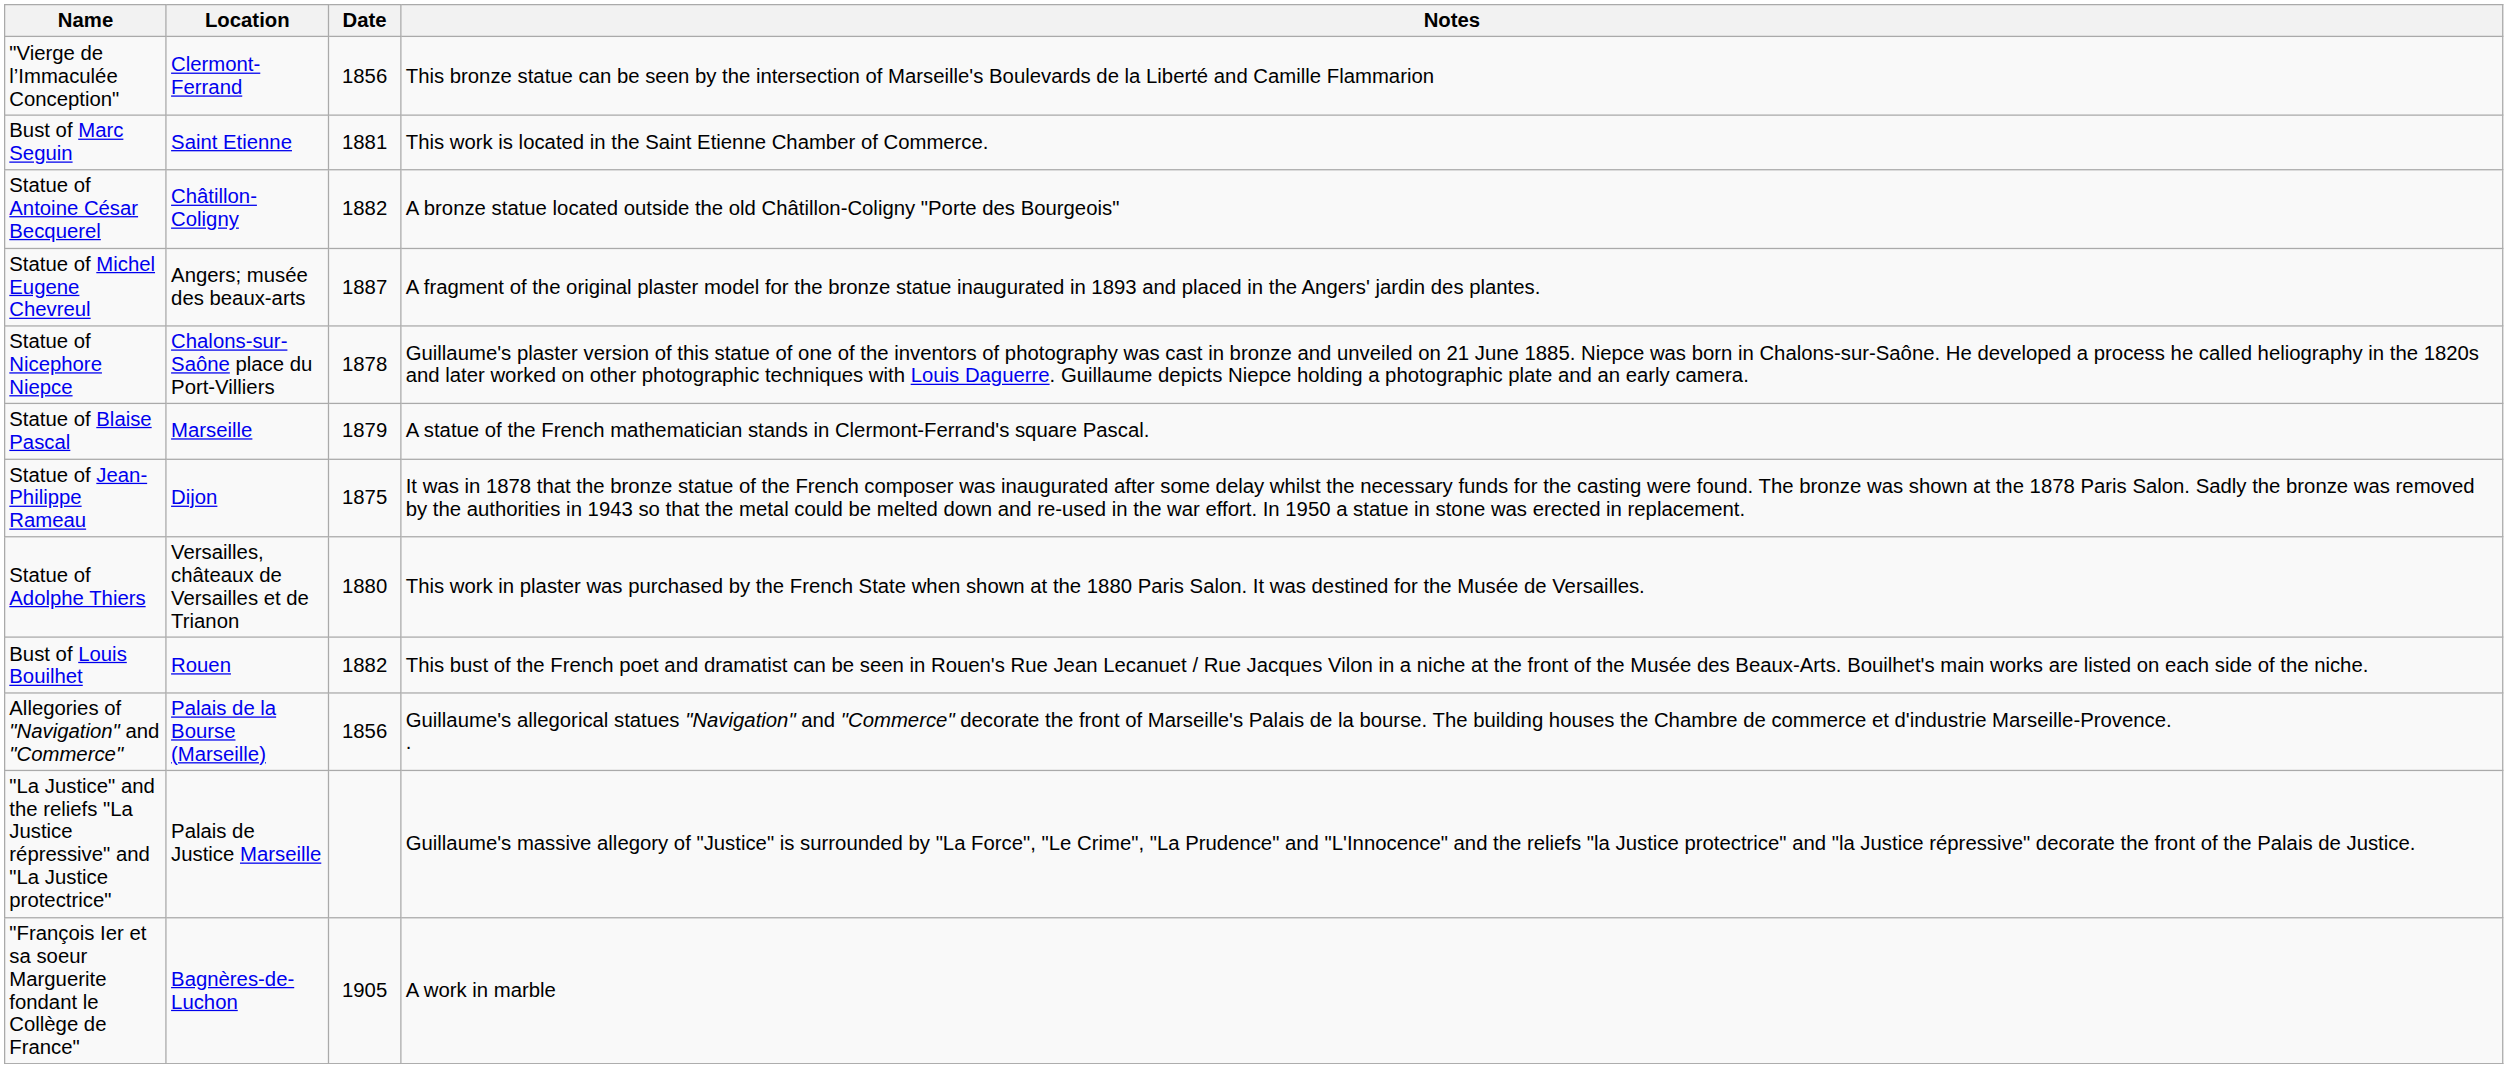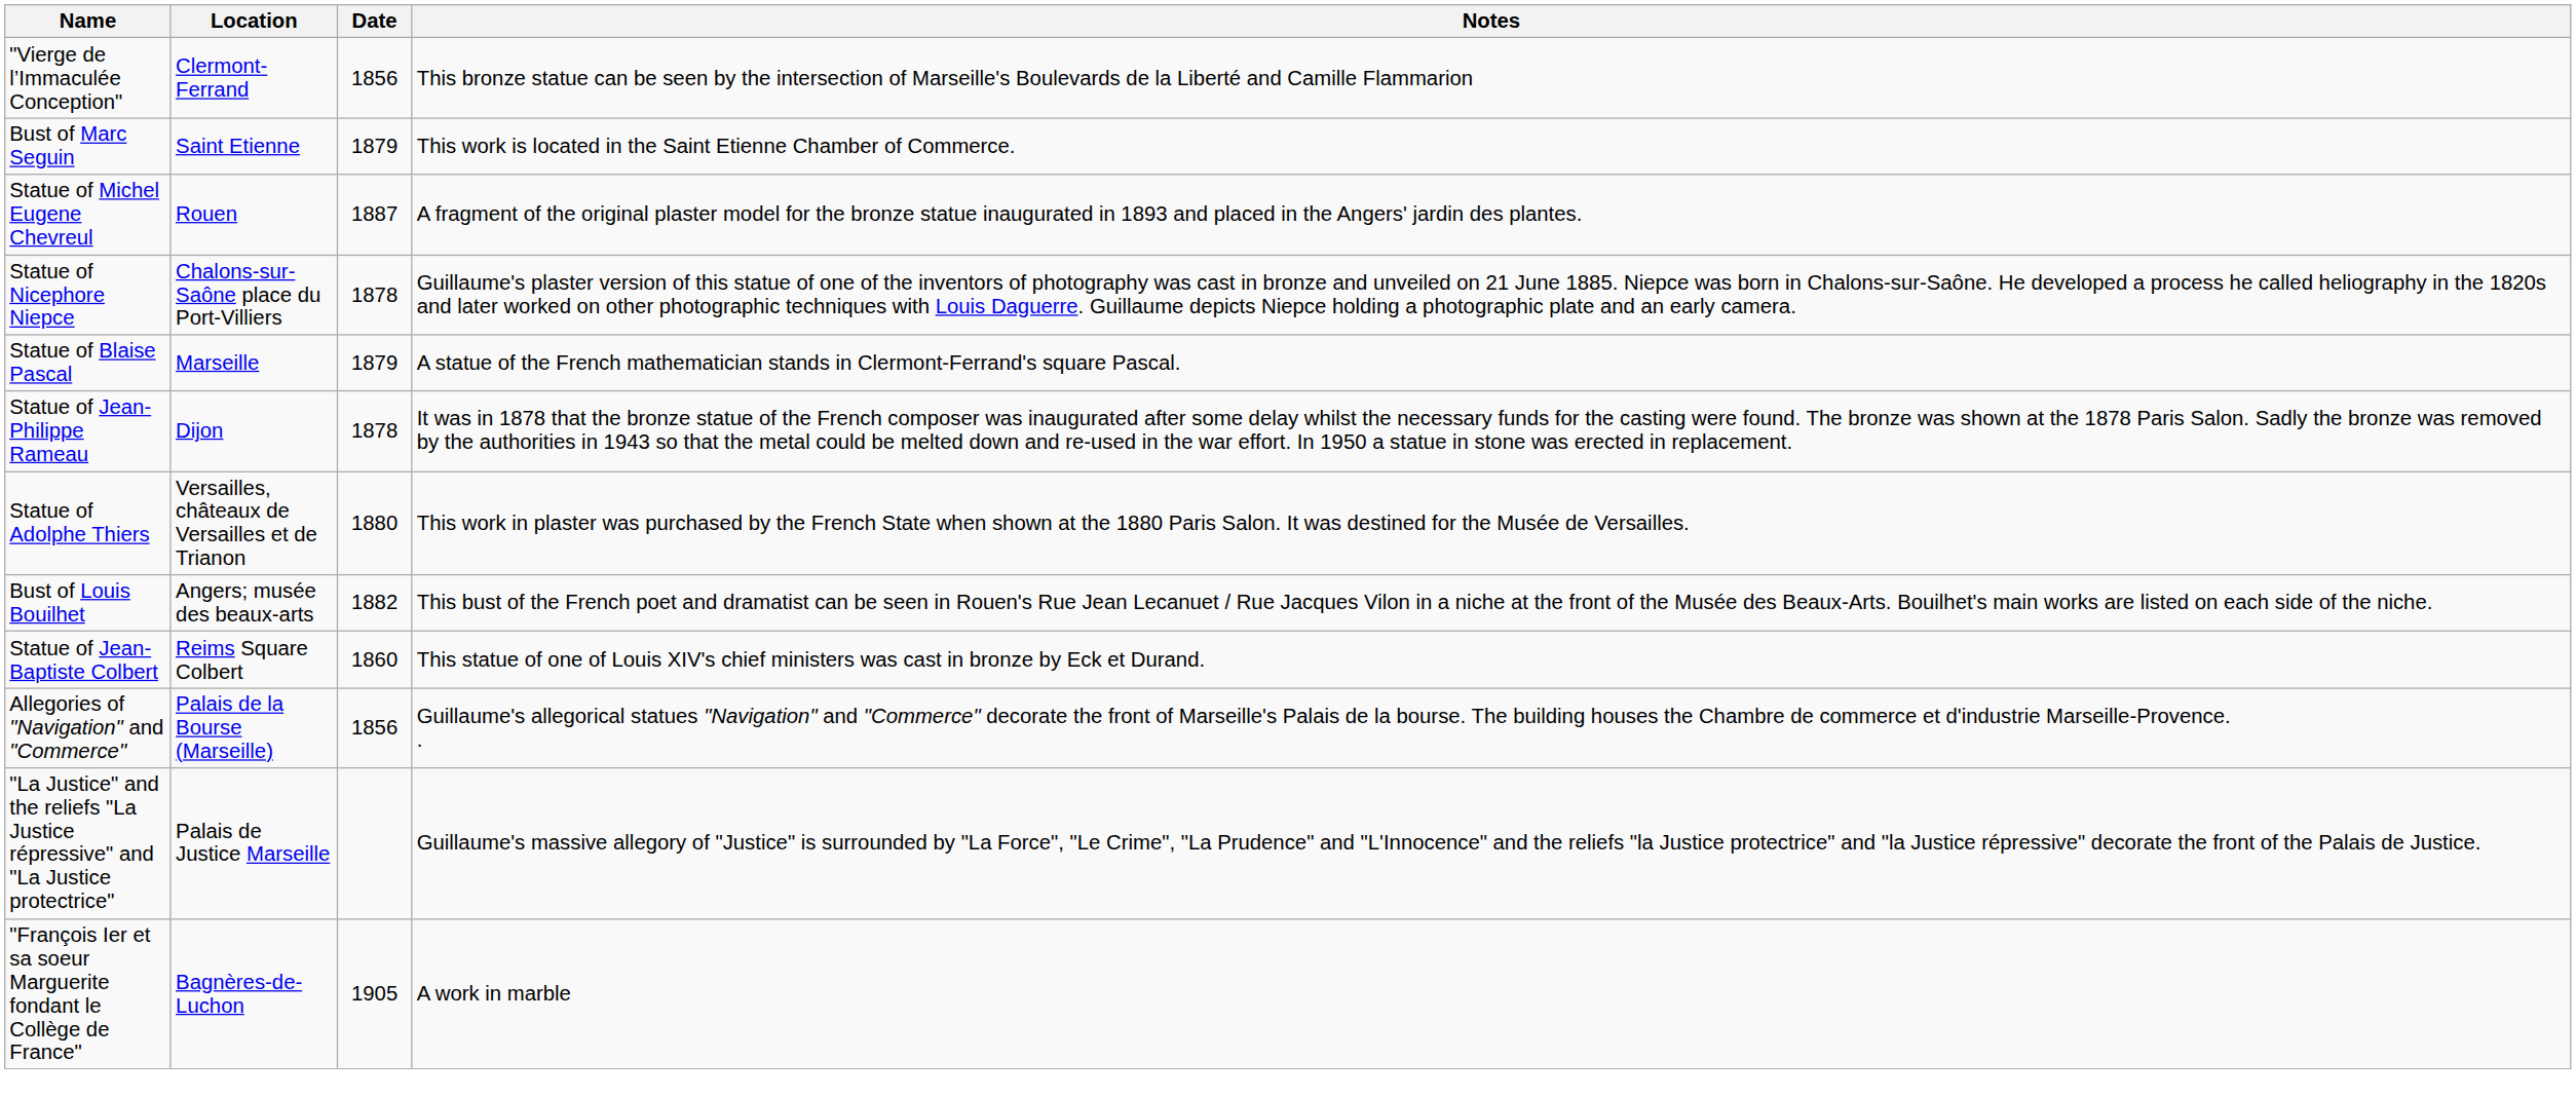 <table class="wikitable sortable plainrowheaders">
 <tr>
 <th style="width:120px">Name</th>
 <th style="width:120px">Location</th>
 <th style="width:50px">Date</th>
 <th class="unsortable">Notes</th>
 </tr>
 <tr>
 <td>"Vierge de l’Immaculée Conception"</td>
 <td><a href='#'>Clermont-Ferrand</a></td>
 <td align="center">1856</td>
 <td>This bronze statue can be seen by the intersection of Marseille's Boulevards de la Liberté and Camille Flammarion<br> </td>
 </tr>
 <tr>
 <td>Bust of <a href='#'>Marc Seguin</a></td>
 <td><a href='#'>Saint Etienne</a></td>
-<td align="center">1881</td>
+<td align="center">1879</td>
 <td>This work is located in the Saint Etienne Chamber of Commerce.<br></td>
 </tr>
 <tr>
-<td>Statue of  <a href='#'>Antoine César Becquerel</a></td>
-<td><a href='#'>Châtillon-Coligny</a></td>
-<td align="center">1882</td>
-<td>A bronze statue located outside the old Châtillon-Coligny "Porte des Bourgeois"<br> </td>
-</tr>
-<tr>
 <td>Statue of <a href='#'>Michel Eugene Chevreul</a></td>
-<td>Angers; musée des beaux-arts</td>
+<td><a href='#'>Rouen</a></td>
 <td align="center">1887</td>
 <td>A fragment of the original plaster model for the bronze statue inaugurated in 1893 and placed in the Angers' jardin des plantes.<br></td>
 </tr>
 <tr>
 <td>Statue of <a href='#'>Nicephore Niepce</a></td>
 <td><a href='#'>Chalons-sur-Saône</a> place du Port-Villiers</td>
 <td align="center">1878</td>
 <td>Guillaume's plaster version of this statue of one of the inventors of photography was cast in bronze and unveiled on 21 June 1885. Niepce was born in Chalons-sur-Saône.  He developed a process he called heliography in the 1820s and later worked on other photographic techniques with <a href='#'>Louis Daguerre</a>. Guillaume depicts Niepce holding a photographic plate and an early camera.</td>
 </tr>
 <tr>
 <td>Statue of <a href='#'>Blaise Pascal</a></td>
 <td><a href='#'>Marseille</a></td>
 <td align="center">1879</td>
 <td>A statue of the French mathematician stands in Clermont-Ferrand's square Pascal.<br>  </td>
 </tr>
 <tr>
 <td>Statue of <a href='#'>Jean-Philippe Rameau</a></td>
 <td><a href='#'>Dijon</a></td>
-<td align="center">1875</td>
+<td align="center">1878</td>
 <td>It was in 1878 that the bronze statue of the French composer was inaugurated after some delay whilst the necessary funds for the casting were found. The bronze was shown at the 1878 Paris Salon.  Sadly the bronze was removed by the authorities in 1943 so that the metal could be melted down and re-used in the war effort. In 1950 a statue in stone was erected in replacement.<br> </td>
 </tr>
 <tr>
 <td>Statue of <a href='#'>Adolphe Thiers</a></td>
 <td>Versailles, châteaux de Versailles et de Trianon</td>
 <td align="center">1880</td>
 <td>This work in plaster was purchased by the French State when shown at the 1880 Paris Salon. It was destined for the Musée de Versailles.<br></td>
 </tr>
 <tr>
 <td>Bust of <a href='#'>Louis Bouilhet</a></td>
-<td><a href='#'>Rouen</a></td>
+<td>Angers; musée des beaux-arts</td>
 <td align="center">1882</td>
 <td>This bust of the French poet and dramatist can be seen in Rouen's Rue Jean Lecanuet / Rue Jacques Vilon in a niche at the front of the Musée des Beaux-Arts. Bouilhet's main works are listed on each side of the niche.<br></td>
+</tr>
+<tr>
+<td>Statue of <a href='#'>Jean-Baptiste Colbert</a></td>
+<td><a href='#'>Reims</a> Square Colbert</td>
+<td align="center">1860</td>
+<td>This statue of one of Louis XIV's chief ministers was cast in bronze by Eck et Durand.</td>
 </tr>
 <tr>
 <td>Allegories of <em>"Navigation"</em> and  <em>"Commerce"</em></td>
 <td><a href='#'>Palais de la Bourse (Marseille)</a></td>
 <td align="center">1856</td>
 <td>Guillaume's allegorical statues <em>"Navigation"</em> and <em>"Commerce"</em> decorate the front of Marseille's Palais de la bourse. The building houses the Chambre de commerce et d'industrie Marseille-Provence.<br> . </td>
 </tr>
 <tr>
 <td>"La Justice" and the reliefs "La Justice répressive" and "La Justice protectrice"</td>
 <td>Palais de Justice <a href='#'>Marseille</a></td>
 <td align="center"></td>
 <td>Guillaume's massive allegory of "Justice" is surrounded by "La Force", "Le Crime", "La Prudence" and "L'Innocence" and the reliefs "la Justice protectrice" and "la Justice répressive" decorate the front of the Palais de Justice.<br></td>
 </tr>
 <tr>
 <td>"François Ier et sa soeur Marguerite fondant le Collège de France"</td>
 <td><a href='#'>Bagnères-de-Luchon</a></td>
 <td align="center">1905</td>
 <td>A work in marble<br></td>
 </tr>
 <tr>
 </tr>
 </table>
